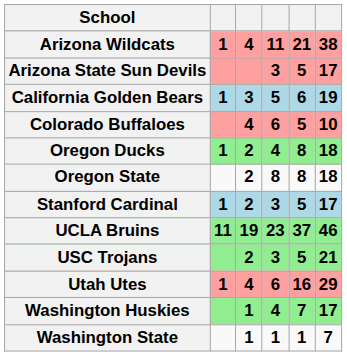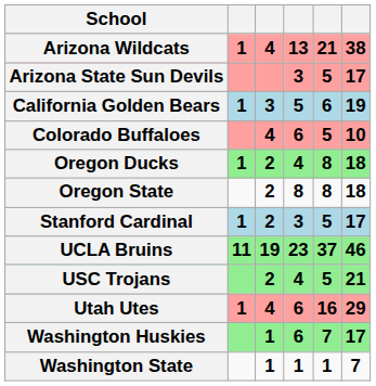 <table class="wikitable sortable" style="text-align: center;">
 <tr>
 <th scope="col">School</th>
 <th data-sort-type="number" scope="col"></th>
 <th data-sort-type="number" scope="col"></th>
 <th data-sort-type="number" scope="col"></th>
 <th data-sort-type="number" scope="col"></th>
 <th data-sort-type="number" scope="col"></th>
 </tr>
 <tr bgcolor=#ffa0a0>
 <th>Arizona Wildcats</th>
 <td><strong>1</strong><br></td>
 <td><strong>4</strong><br></td>
-<td><strong>11</strong><br></td>
+<td><strong>13</strong><br></td>
 <td><strong>21</strong><br></td>
 <td><strong>38</strong><br></td>
 </tr>
 <tr bgcolor=#ffa0a0>
 <th>Arizona State Sun Devils</th>
 <td></td>
 <td></td>
 <td><strong>3</strong><br></td>
 <td><strong>5</strong><br></td>
 <td><strong>17</strong><br></td>
 </tr>
 <tr bgcolor=#add8e6>
 <th>California Golden Bears</th>
 <td><strong>1</strong><br></td>
 <td><strong>3</strong><br></td>
 <td><strong>5</strong><br></td>
 <td><strong>6</strong><br></td>
 <td><strong>19</strong><br></td>
 </tr>
 <tr bgcolor=#ffa0a0>
 <th>Colorado Buffaloes</th>
 <td></td>
 <td><strong>4</strong><br></td>
 <td><strong>6</strong><br></td>
 <td><strong>5</strong><br></td>
 <td><strong>10</strong><br></td>
 </tr>
 <tr bgcolor=#90EE90>
 <th>Oregon Ducks</th>
 <td><strong>1</strong><br></td>
 <td><strong>2</strong><br></td>
 <td><strong>4</strong><br></td>
 <td><strong>8</strong><br></td>
 <td><strong>18</strong><br></td>
 </tr>
 <tr>
 <th>Oregon State</th>
 <td></td>
 <td><strong>2</strong><br></td>
 <td><strong>8</strong><br></td>
 <td><strong>8</strong><br></td>
 <td><strong>18</strong><br></td>
 </tr>
 <tr bgcolor=#add8e6>
 <th>Stanford Cardinal</th>
 <td><strong>1</strong><br></td>
 <td><strong>2</strong><br></td>
 <td><strong>3</strong><br></td>
 <td><strong>5</strong><br></td>
 <td><strong>17</strong><br></td>
 </tr>
 <tr bgcolor=#90EE90>
 <th>UCLA Bruins</th>
 <td><strong>11</strong><br></td>
 <td><strong>19</strong><br></td>
 <td><strong>23</strong><br></td>
 <td><strong>37</strong><br></td>
 <td><strong>46</strong><br></td>
 </tr>
 <tr bgcolor=#90EE90>
 <th>USC Trojans</th>
 <td></td>
 <td><strong>2</strong><br></td>
-<td><strong>3</strong><br></td>
+<td><strong>4</strong><br></td>
 <td><strong>5</strong><br></td>
 <td><strong>21</strong><br></td>
 </tr>
 <tr bgcolor=#ffa0a0>
 <th>Utah Utes</th>
 <td><strong>1</strong><br></td>
 <td><strong>4</strong><br></td>
 <td><strong>6</strong><br></td>
 <td><strong>16</strong><br></td>
 <td><strong>29</strong><br></td>
 </tr>
 <tr bgcolor=#90EE90>
 <th>Washington Huskies</th>
 <td></td>
 <td><strong>1</strong><br></td>
-<td><strong>4</strong><br></td>
+<td><strong>6</strong><br></td>
 <td><strong>7</strong><br></td>
 <td><strong>17</strong><br></td>
 </tr>
 <tr>
 <th>Washington State</th>
 <td></td>
 <td><strong>1</strong><br></td>
 <td><strong>1</strong><br></td>
 <td><strong>1</strong><br></td>
 <td><strong>7</strong><br></td>
 </tr>
 </table>
